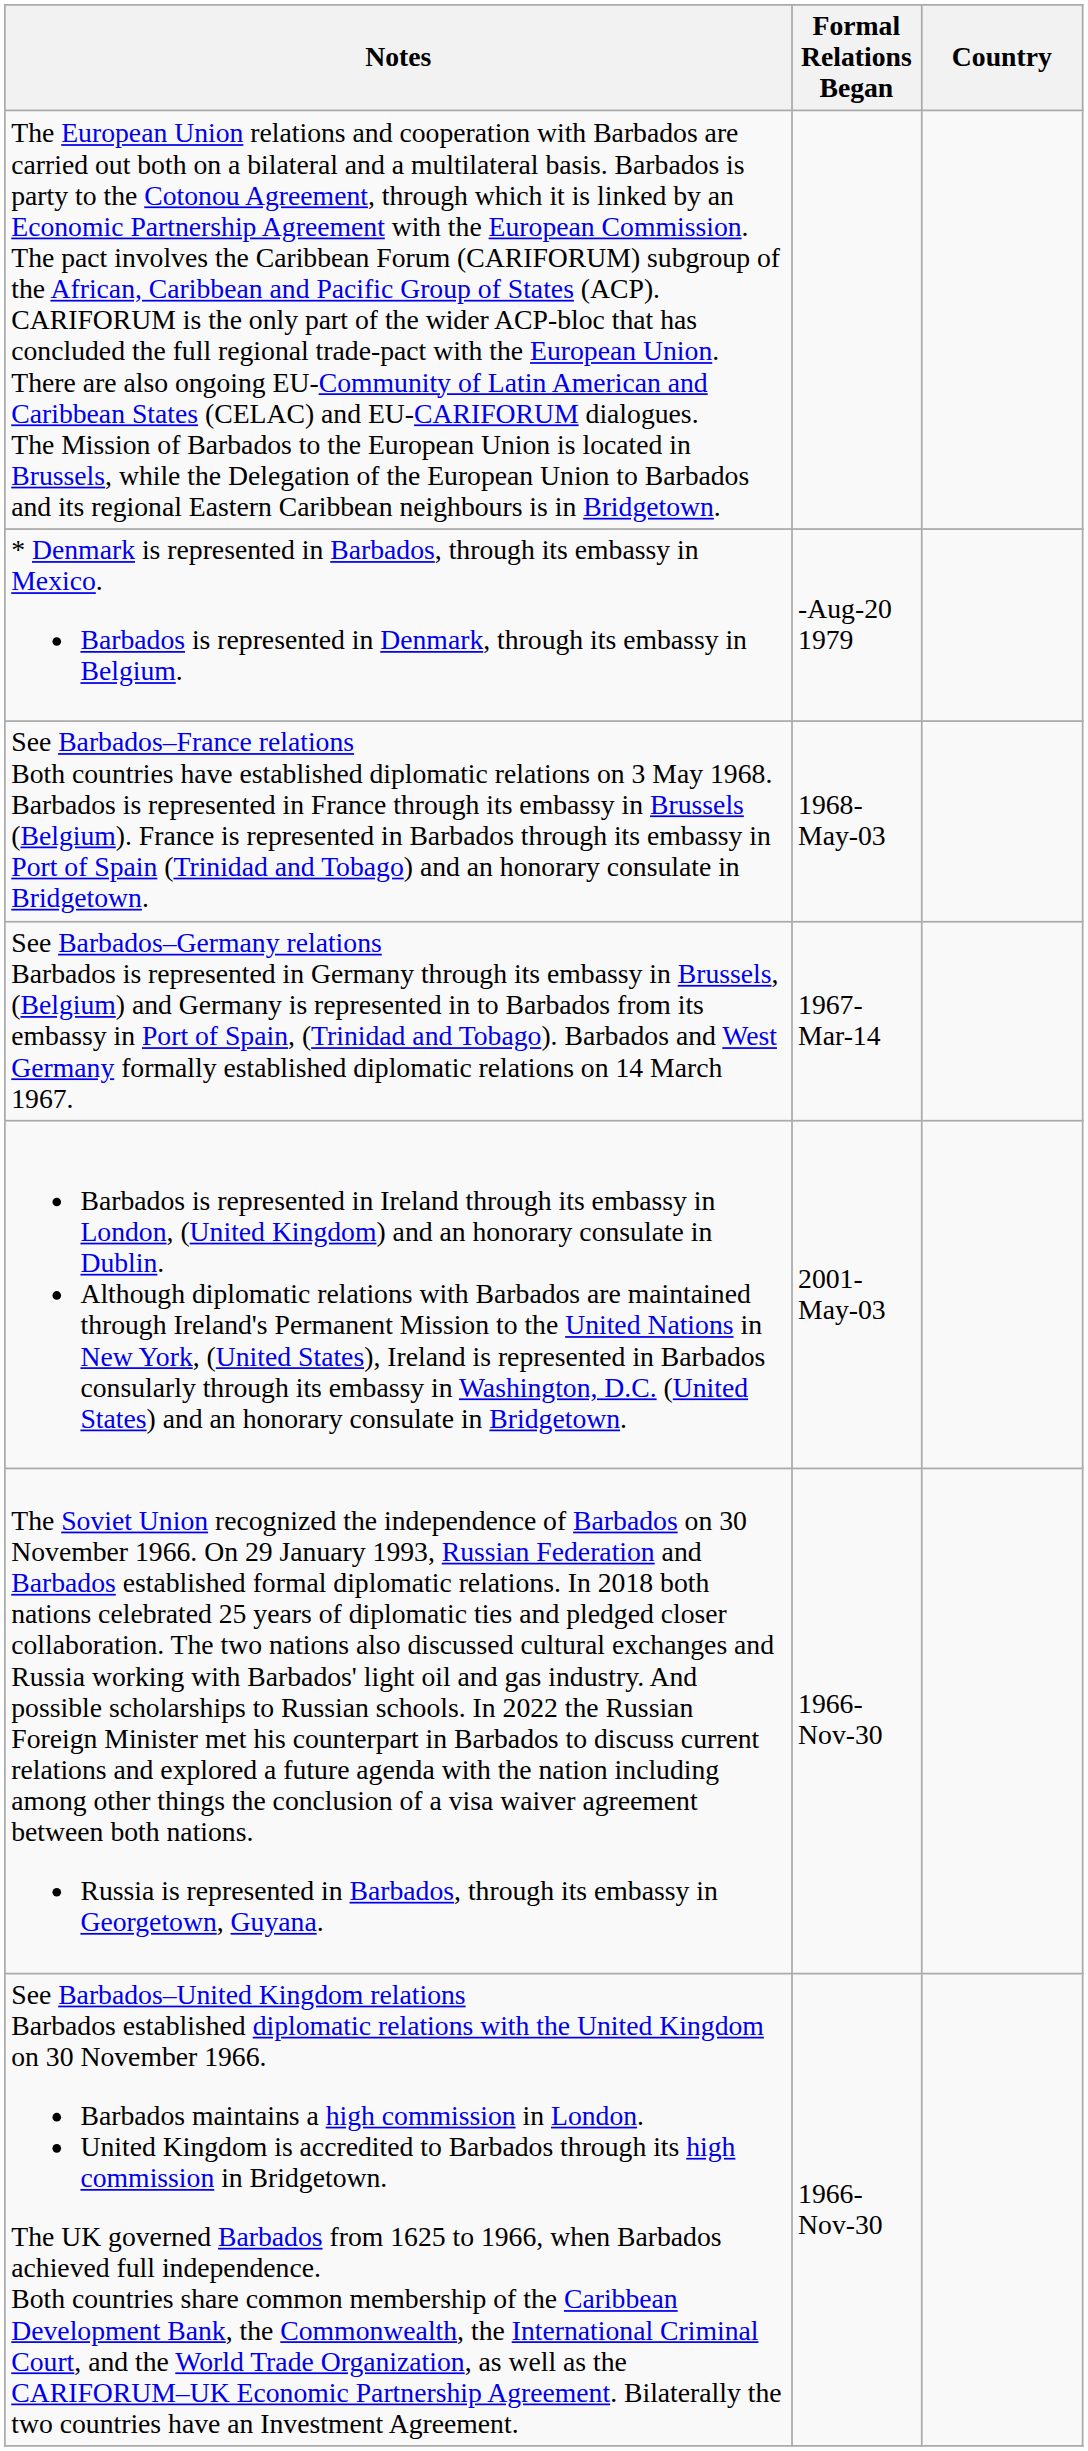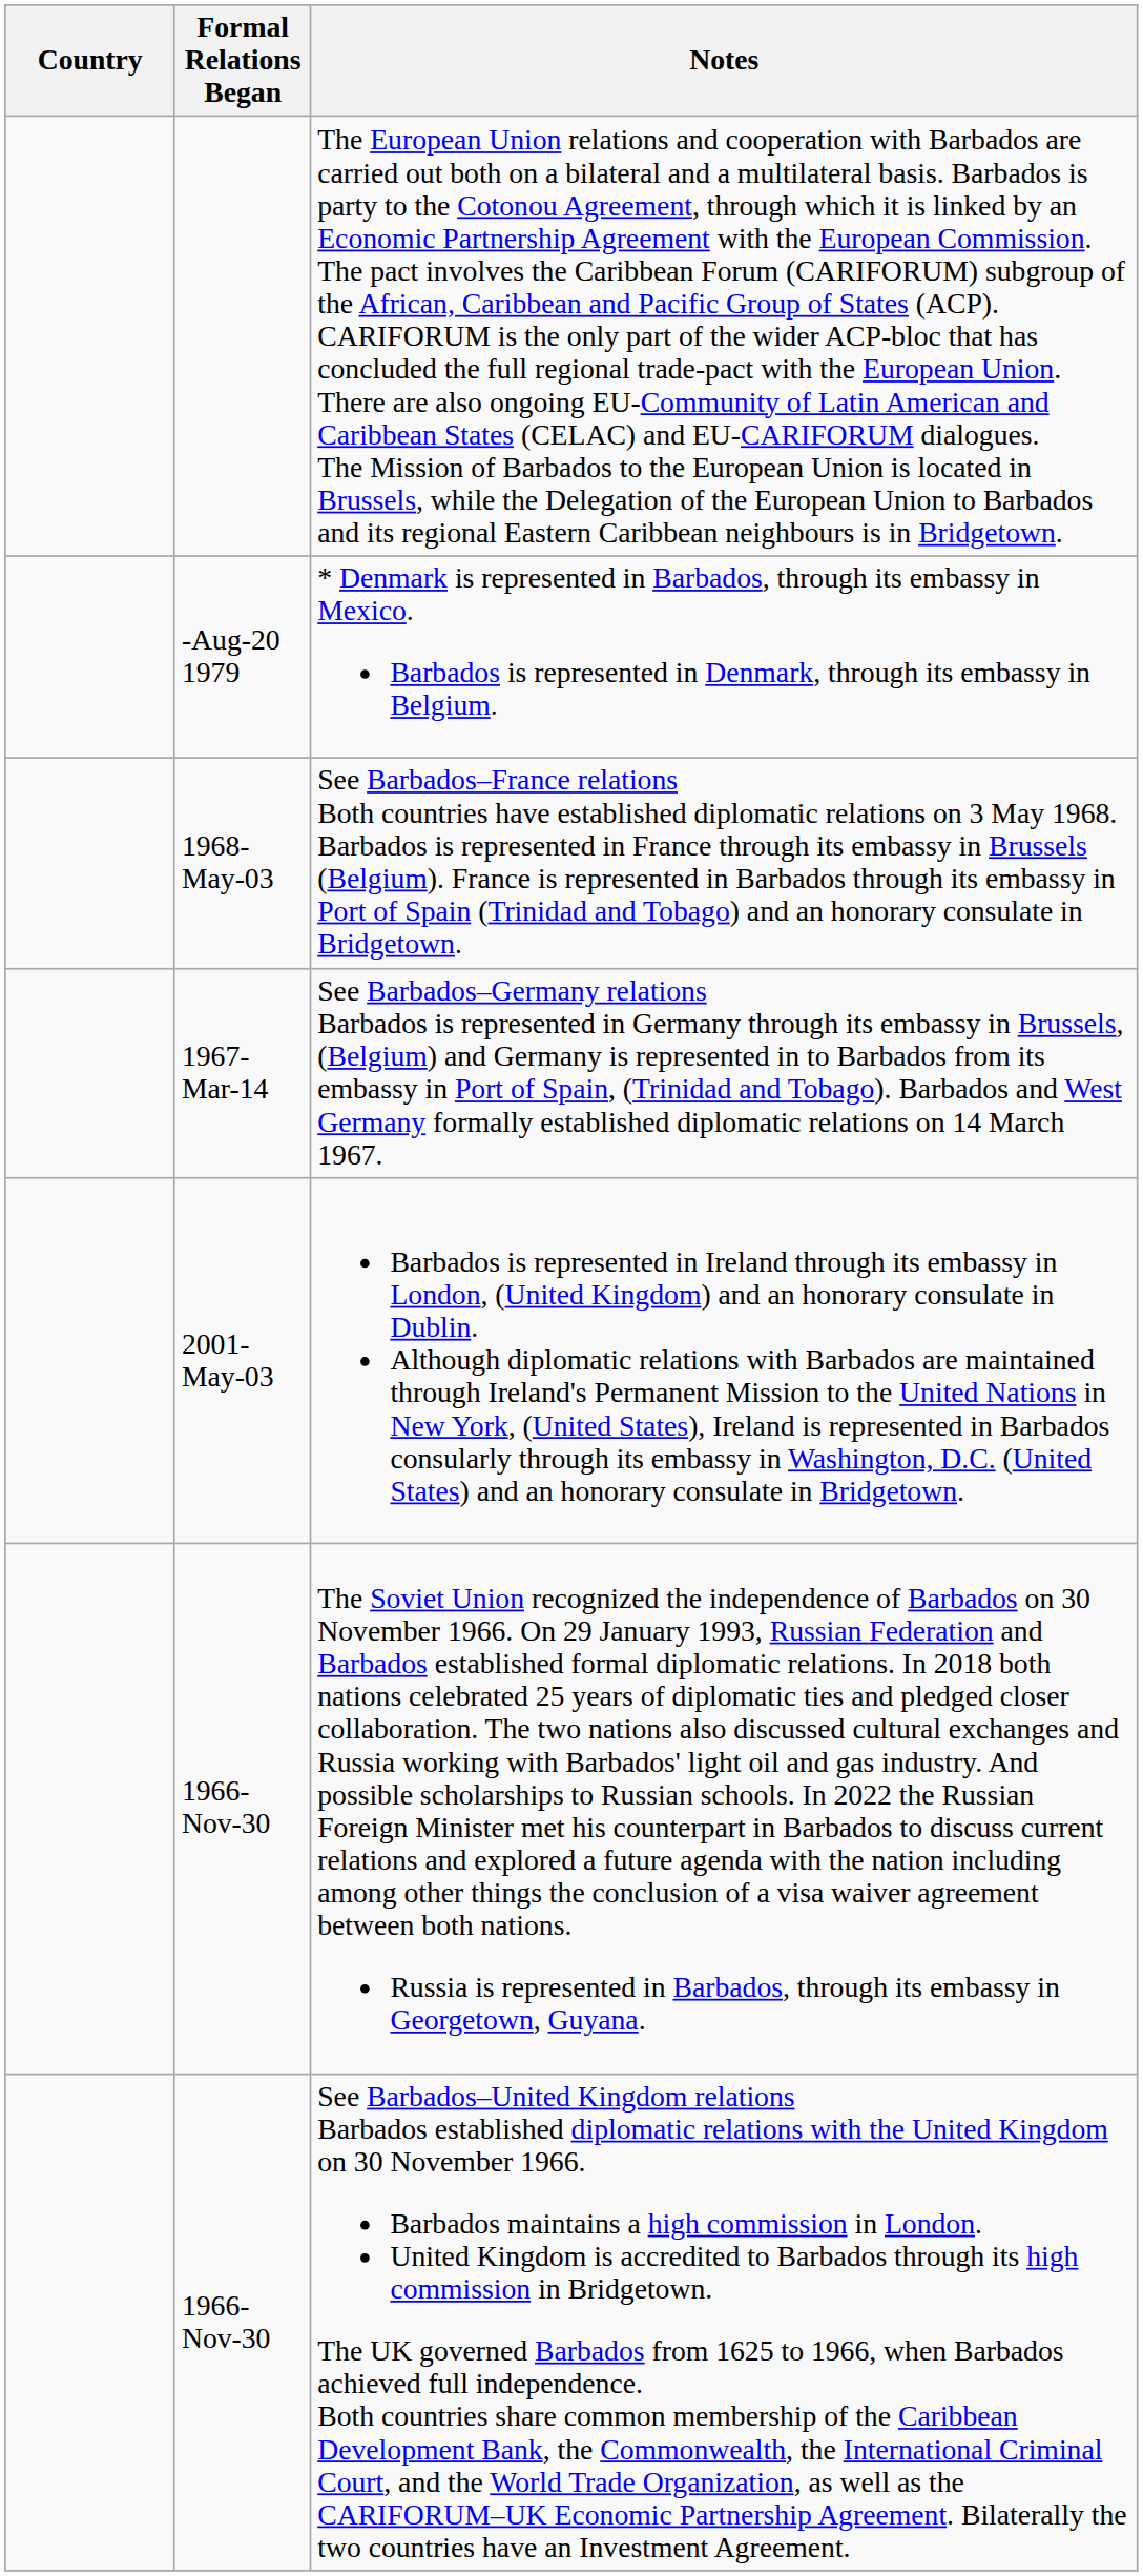 <table class="wikitable sortable" border="1" style="width:100%; margin:auto;">
 <tr>
+<th width="15%">Country</th>
+<th width="12%">Formal Relations Began</th>
 <th>Notes</th>
-<th width="12%">Formal Relations Began</th>
-<th width="15%">Country</th>
 </tr>
 <tr valign="top">
-<td>The <a href='#'>European Union</a> relations and cooperation with Barbados are carried out both on a bilateral and a multilateral basis. Barbados is party to the <a href='#'>Cotonou Agreement</a>, through which  it is linked by an <a href='#'>Economic Partnership Agreement</a> with the <a href='#'>European Commission</a>.  The pact involves the Caribbean Forum (CARIFORUM) subgroup of the <a href='#'>African, Caribbean and Pacific Group of States</a> (ACP). CARIFORUM is the only part of the wider ACP-bloc that has concluded the full regional trade-pact with the <a href='#'>European Union</a>.  There are also ongoing EU-<a href='#'>Community of Latin American and Caribbean States</a> (CELAC) and EU-<a href='#'>CARIFORUM</a> dialogues.<br>The Mission of Barbados to the European Union is located in <a href='#'>Brussels</a>, while the Delegation of the European Union to Barbados and its regional Eastern Caribbean neighbours is in <a href='#'>Bridgetown</a>.</td>
 <td></td>
 <td></td>
+<td>The <a href='#'>European Union</a> relations and cooperation with Barbados are carried out both on a bilateral and a multilateral basis. Barbados is party to the <a href='#'>Cotonou Agreement</a>, through which  it is linked by an <a href='#'>Economic Partnership Agreement</a> with the <a href='#'>European Commission</a>.  The pact involves the Caribbean Forum (CARIFORUM) subgroup of the <a href='#'>African, Caribbean and Pacific Group of States</a> (ACP). CARIFORUM is the only part of the wider ACP-bloc that has concluded the full regional trade-pact with the <a href='#'>European Union</a>.  There are also ongoing EU-<a href='#'>Community of Latin American and Caribbean States</a> (CELAC) and EU-<a href='#'>CARIFORUM</a> dialogues.<br>The Mission of Barbados to the European Union is located in <a href='#'>Brussels</a>, while the Delegation of the European Union to Barbados and its regional Eastern Caribbean neighbours is in <a href='#'>Bridgetown</a>.</td>
 </tr>
 <tr -valign="top">
+<td></td>
+<td>-Aug-20 1979</td>
 <td>* <a href='#'>Denmark</a> is represented in <a href='#'>Barbados</a>, through its embassy in <a href='#'>Mexico</a>.<br><ul><li><a href='#'>Barbados</a> is represented in <a href='#'>Denmark</a>, through its embassy in <a href='#'>Belgium</a>.</li></ul></td>
-<td>-Aug-20 1979</td>
-<td></td>
 </tr>
 <tr -valign="top">
+<td></td>
+<td>1968-May-03</td>
 <td>See <a href='#'>Barbados–France relations</a><br>Both countries have established diplomatic relations on 3 May 1968. Barbados is represented in France through its embassy in <a href='#'>Brussels</a> (<a href='#'>Belgium</a>). France is represented in Barbados through its embassy in <a href='#'>Port of Spain</a> (<a href='#'>Trinidad and Tobago</a>) and an honorary consulate in <a href='#'>Bridgetown</a>.</td>
-<td>1968-May-03</td>
-<td></td>
 </tr>
 <tr -valign="top">
+<td></td>
+<td>1967-Mar-14</td>
 <td>See <a href='#'>Barbados–Germany relations</a><br>Barbados is represented in Germany through its embassy in <a href='#'>Brussels</a>, (<a href='#'>Belgium</a>) and Germany is represented in to Barbados from its embassy in <a href='#'>Port of Spain</a>, (<a href='#'>Trinidad and Tobago</a>). Barbados and <a href='#'>West Germany</a> formally established diplomatic relations on 14 March 1967.</td>
-<td>1967-Mar-14</td>
-<td></td>
 </tr>
 <tr -valign="top">
+<td></td>
+<td>2001-May-03</td>
 <td><br><ul><li>Barbados is represented in Ireland through its embassy in <a href='#'>London</a>, (<a href='#'>United Kingdom</a>) and an honorary consulate in <a href='#'>Dublin</a>.</li><li>Although diplomatic relations with Barbados are maintained through Ireland's Permanent Mission to the <a href='#'>United Nations</a> in <a href='#'>New York</a>, (<a href='#'>United States</a>), Ireland is represented in Barbados consularly through its embassy in <a href='#'>Washington, D.C.</a> (<a href='#'>United States</a>) and an honorary consulate in <a href='#'>Bridgetown</a>.</li></ul></td>
-<td>2001-May-03</td>
-<td></td>
 </tr>
 <tr -valign="top">
+<td></td>
+<td>1966-Nov-30</td>
 <td><br>The <a href='#'>Soviet Union</a> recognized the independence of <a href='#'>Barbados</a> on 30 November 1966. On 29 January 1993, <a href='#'>Russian Federation</a> and <a href='#'>Barbados</a> established formal diplomatic relations. In 2018 both nations celebrated 25 years of diplomatic ties and pledged closer collaboration. The two nations also discussed cultural exchanges and Russia working with Barbados' light oil and gas industry. And possible scholarships to Russian schools. In 2022 the Russian Foreign Minister met his counterpart in Barbados to discuss current relations and explored a future agenda with the nation including among other things the conclusion of a visa waiver agreement between both nations.<ul><li>Russia is represented in <a href='#'>Barbados</a>, through its embassy in <a href='#'>Georgetown</a>, <a href='#'>Guyana</a>.</li></ul></td>
-<td>1966-Nov-30</td>
-<td></td>
 </tr>
 <tr -valign="top">
+<td></td>
+<td>1966-Nov-30</td>
 <td>See <a href='#'>Barbados–United Kingdom relations</a><br>Barbados established <a href='#'>diplomatic relations with the United Kingdom</a> on 30 November 1966.<ul><li>Barbados maintains a <a href='#'>high commission</a> in <a href='#'>London</a>.</li><li>United Kingdom is accredited to Barbados through its <a href='#'>high commission</a> in Bridgetown.</li></ul>The UK governed <a href='#'>Barbados</a> from 1625 to 1966, when Barbados achieved full independence.<br>Both countries share common membership of the <a href='#'>Caribbean Development Bank</a>, the <a href='#'>Commonwealth</a>, the <a href='#'>International Criminal Court</a>, and the <a href='#'>World Trade Organization</a>, as well as the <a href='#'>CARIFORUM–UK Economic Partnership Agreement</a>. Bilaterally the two countries have an Investment Agreement.</td>
-<td>1966-Nov-30</td>
-<td></td>
 </tr>
 </table>
